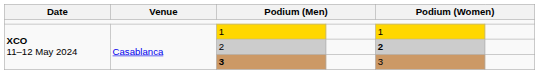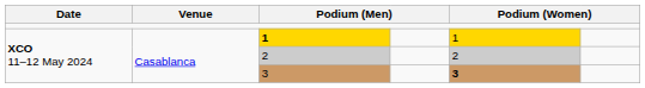 <table class="wikitable" width=70%>
 <tr>
 <th>Date</th>
 <th width=20%>Venue</th>
 <th colspan=2 width=30%>Podium (Men)</th>
 <th colspan=2 width=30%>Podium (Women)</th>
 </tr>
 <tr>
 <td colspan=6></td>
 </tr>
 <tr>
 <td rowspan=3><strong>XCO</strong> <br> 11–12 May 2024</td>
 <td rowspan=3><br><a href='#'>Casablanca</a></td>
-<td bgcolor=FFD700>1</td>
+<td bgcolor=FFD700><strong>1</strong></td>
 <td></td>
 <td bgcolor=FFD700>1</td>
 <td></td>
 </tr>
 <tr>
 <td bgcolor=CCCCCC>2</td>
 <td></td>
-<td bgcolor=CCCCCC><strong>2</strong></td>
+<td bgcolor=CCCCCC>2</td>
 <td></td>
 </tr>
 <tr>
+<td bgcolor=CC9966>3</td>
+<td></td>
 <td bgcolor=CC9966><strong>3</strong></td>
-<td></td>
-<td bgcolor=CC9966>3</td>
 <td></td>
 </tr>
 </table>
